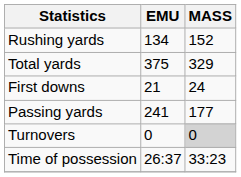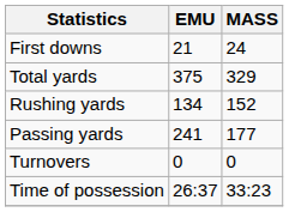 <table class="wikitable" style="float: left;">
 <tr>
 <th>Statistics</th>
 <th>EMU</th>
 <th>MASS</th>
 </tr>
 <tr>
-<td>Rushing yards</td>
-<td>134</td>
-<td>152</td>
+<td>First downs</td>
+<td>21</td>
+<td>24</td>
 </tr>
 <tr>
 <td>Total yards</td>
 <td>375</td>
 <td>329</td>
 </tr>
 <tr>
-<td>First downs</td>
-<td>21</td>
-<td>24</td>
+<td>Rushing yards</td>
+<td>134</td>
+<td>152</td>
 </tr>
 <tr>
 <td>Passing yards</td>
 <td>241</td>
 <td>177</td>
 </tr>
 <tr>
 <td>Turnovers</td>
 <td>0</td>
-<td style="background: lightgrey;">0</td>
+<td>0</td>
 </tr>
 <tr>
 <td>Time of possession</td>
 <td>26:37</td>
 <td>33:23</td>
 </tr>
 <tr>
 </tr>
 </table>
